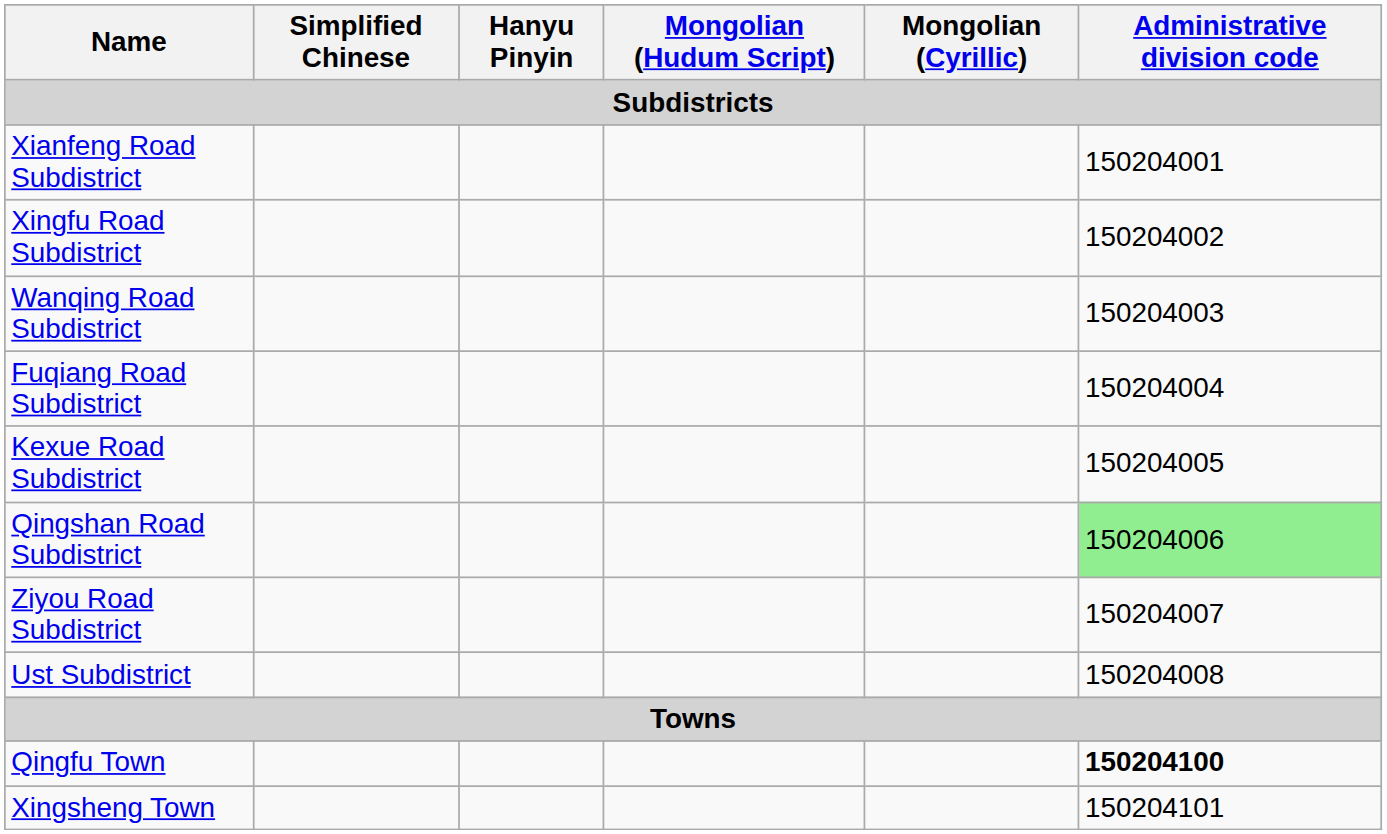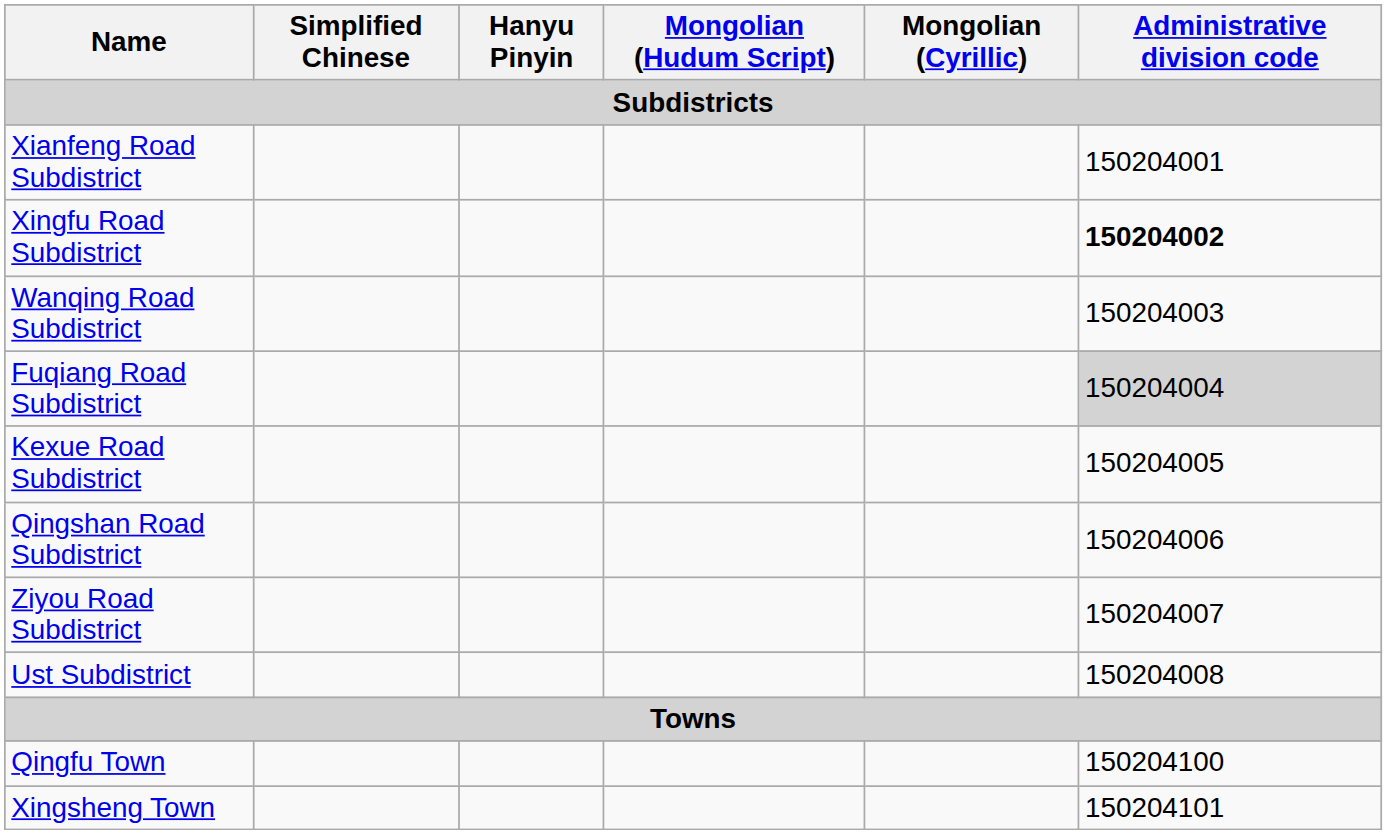 <table class="wikitable" align="center" style="width:50%; border="1">
 <tr>
 <th>Name</th>
 <th>Simplified Chinese</th>
 <th>Hanyu Pinyin</th>
 <th><a href='#'>Mongolian</a> (<a href='#'>Hudum Script</a>)</th>
 <th>Mongolian (<a href='#'>Cyrillic</a>)</th>
 <th><a href='#'>Administrative division code</a></th>
 </tr>
 <tr>
 <td colspan="6"  style="text-align:center; background:#d3d3d3;"><strong>Subdistricts</strong></td>
 </tr>
 <tr --------->
 <td><a href='#'>Xianfeng Road Subdistrict</a></td>
 <td></td>
 <td></td>
 <td></td>
 <td></td>
 <td>150204001</td>
 </tr>
 <tr>
 <td><a href='#'>Xingfu Road Subdistrict</a></td>
 <td></td>
 <td></td>
 <td></td>
 <td></td>
-<td>150204002</td>
+<td><strong>150204002</strong></td>
 </tr>
 <tr>
 <td><a href='#'>Wanqing Road Subdistrict</a></td>
 <td></td>
 <td></td>
 <td></td>
 <td></td>
 <td>150204003</td>
 </tr>
 <tr>
 <td><a href='#'>Fuqiang Road Subdistrict</a></td>
 <td></td>
 <td></td>
 <td></td>
 <td></td>
-<td>150204004</td>
+<td style="background: lightgrey;">150204004</td>
 </tr>
 <tr>
 <td><a href='#'>Kexue Road Subdistrict</a></td>
 <td></td>
 <td></td>
 <td></td>
 <td></td>
 <td>150204005</td>
 </tr>
 <tr>
 <td><a href='#'>Qingshan Road Subdistrict</a></td>
 <td></td>
 <td></td>
 <td></td>
 <td></td>
-<td style="background: lightgreen;">150204006</td>
+<td>150204006</td>
 </tr>
 <tr>
 <td><a href='#'>Ziyou Road Subdistrict</a></td>
 <td></td>
 <td></td>
 <td></td>
 <td></td>
 <td>150204007</td>
 </tr>
 <tr>
 <td><a href='#'>Ust Subdistrict</a></td>
 <td></td>
 <td></td>
 <td></td>
 <td></td>
 <td>150204008</td>
 </tr>
 <tr>
 <td colspan="6"  style="text-align:center; background:#d3d3d3;"><strong>Towns</strong></td>
 </tr>
 <tr --------->
 <td><a href='#'>Qingfu Town</a></td>
 <td></td>
 <td></td>
 <td></td>
 <td></td>
-<td><strong>150204100</strong></td>
+<td>150204100</td>
 </tr>
 <tr>
 <td><a href='#'>Xingsheng Town</a></td>
 <td></td>
 <td></td>
 <td></td>
 <td></td>
 <td>150204101</td>
 </tr>
 <tr>
 </tr>
 </table>
